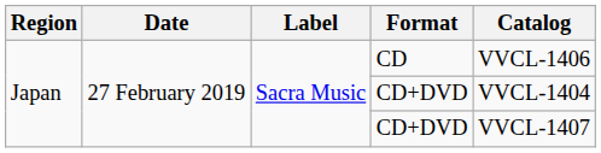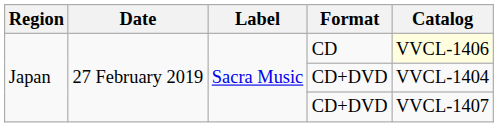 <table class="wikitable">
 <tr>
 <th>Region</th>
 <th>Date</th>
 <th>Label</th>
 <th>Format</th>
 <th>Catalog</th>
 </tr>
 <tr>
 <td rowspan="3">Japan</td>
 <td rowspan="3">27 February 2019</td>
 <td rowspan="3"><a href='#'>Sacra Music</a></td>
 <td>CD</td>
-<td>VVCL-1406</td>
+<td style="background: lightyellow;">VVCL-1406</td>
 </tr>
 <tr>
 <td>CD+DVD</td>
 <td>VVCL-1404</td>
 </tr>
 <tr>
 <td>CD+DVD</td>
 <td>VVCL-1407</td>
 </tr>
 </table>
